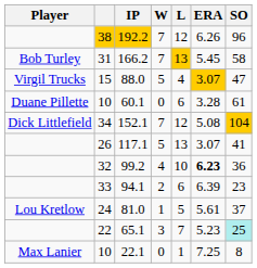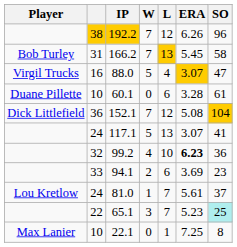 <table class="wikitable sortable">
 <tr>
 <th>Player</th>
 <th></th>
 <th>IP</th>
 <th>W</th>
 <th>L</th>
 <th>ERA</th>
 <th>SO</th>
 </tr>
 <tr align="center">
 <td></td>
 <td style="background:#fc0;">38</td>
 <td style="background:#fc0;">192.2</td>
 <td>7</td>
 <td>12</td>
 <td>6.26</td>
 <td>96</td>
 </tr>
 <tr align="center">
 <td><a href='#'>Bob Turley</a></td>
 <td>31</td>
 <td>166.2</td>
 <td>7</td>
 <td style="background:#fc0;">13</td>
 <td>5.45</td>
 <td>58</td>
 </tr>
 <tr align=center>
 <td><a href='#'>Virgil Trucks</a></td>
-<td>15</td>
+<td>16</td>
 <td>88.0</td>
 <td>5</td>
 <td>4</td>
 <td style="background:#fc0;">3.07</td>
 <td>47</td>
 </tr>
 <tr align=center>
 <td><a href='#'>Duane Pillette</a></td>
 <td>10</td>
 <td>60.1</td>
 <td>0</td>
 <td>6</td>
 <td>3.28</td>
 <td>61</td>
 </tr>
 <tr align="center">
 <td><a href='#'>Dick Littlefield</a></td>
-<td>34</td>
+<td>36</td>
 <td>152.1</td>
 <td>7</td>
 <td>12</td>
 <td>5.08</td>
 <td style="background:#fc0;">104</td>
 </tr>
 <tr align=center>
 <td></td>
-<td>26</td>
+<td>24</td>
 <td>117.1</td>
 <td>5</td>
 <td>13</td>
 <td>3.07</td>
 <td>41</td>
 </tr>
 <tr align="center">
 <td></td>
 <td>32</td>
 <td>99.2</td>
 <td>4</td>
 <td>10</td>
 <td><strong>6.23</strong></td>
 <td>36</td>
 </tr>
 <tr align="center">
 <td></td>
 <td>33</td>
 <td>94.1</td>
 <td>2</td>
 <td>6</td>
-<td>6.39</td>
+<td>3.69</td>
 <td>23</td>
 </tr>
 <tr align="center">
 <td><a href='#'>Lou Kretlow</a></td>
 <td>24</td>
 <td>81.0</td>
 <td>1</td>
-<td>5</td>
+<td>7</td>
 <td>5.61</td>
 <td>37</td>
 </tr>
 <tr align=center>
 <td></td>
 <td>22</td>
 <td>65.1</td>
 <td>3</td>
 <td>7</td>
 <td>5.23</td>
 <td style="background: paleturquoise;">25</td>
 </tr>
 <tr align="center">
 <td><a href='#'>Max Lanier</a></td>
 <td>10</td>
 <td>22.1</td>
 <td>0</td>
 <td>1</td>
 <td>7.25</td>
 <td>8</td>
 </tr>
 </table>
